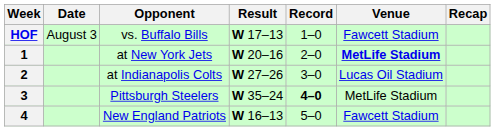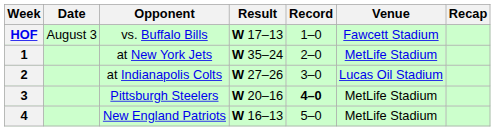 <table class="wikitable" style="text-align:center">
 <tr>
 <th>Week</th>
 <th>Date</th>
 <th>Opponent</th>
 <th>Result</th>
 <th>Record</th>
 <th>Venue</th>
 <th>Recap</th>
 </tr>
 <tr style="background:#cfc">
 <th><a href='#'>HOF</a></th>
 <td>August 3</td>
 <td>vs. <a href='#'>Buffalo Bills</a></td>
 <td><strong>W</strong> 17–13</td>
 <td>1–0</td>
 <td><a href='#'>Fawcett Stadium</a> </td>
 <td></td>
 </tr>
 <tr style="background:#cfc">
 <th>1</th>
 <td></td>
 <td>at <a href='#'>New York Jets</a></td>
-<td><strong>W</strong> 20–16</td>
+<td><strong>W</strong> 35–24</td>
 <td>2–0</td>
-<td><strong><a href='#'>MetLife Stadium</a></strong></td>
+<td><a href='#'>MetLife Stadium</a></td>
 <td></td>
 </tr>
 <tr style="background:#cfc">
 <th>2</th>
 <td></td>
 <td>at <a href='#'>Indianapolis Colts</a></td>
 <td><strong>W</strong> 27–26</td>
 <td>3–0</td>
 <td><a href='#'>Lucas Oil Stadium</a></td>
 <td></td>
 </tr>
 <tr style="background:#cfc">
 <th>3</th>
 <td></td>
 <td><a href='#'>Pittsburgh Steelers</a></td>
-<td><strong>W</strong> 35–24</td>
+<td><strong>W</strong> 20–16</td>
 <td><strong>4–0</strong></td>
 <td>MetLife Stadium</td>
 <td></td>
 </tr>
 <tr style="background:#cfc">
 <th>4</th>
 <td></td>
 <td><a href='#'>New England Patriots</a></td>
 <td><strong>W</strong> 16–13</td>
 <td>5–0</td>
-<td><a href='#'>Fawcett Stadium</a> </td>
+<td>MetLife Stadium</td>
 <td></td>
 </tr>
 </table>
